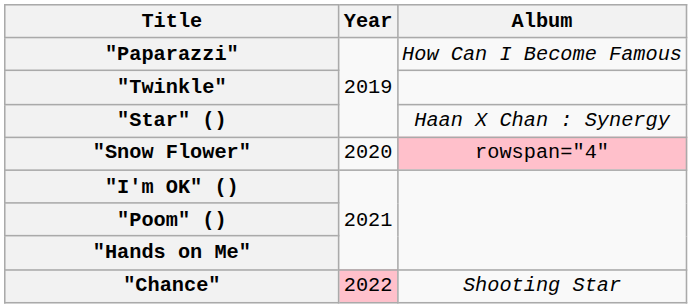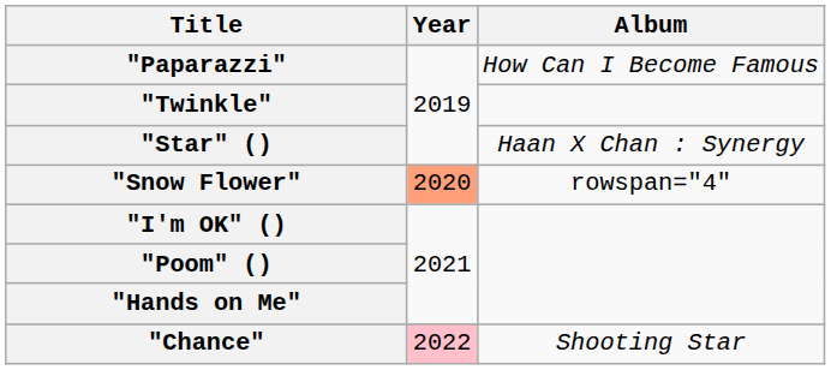 <table class="wikitable plainrowheaders" style="text-align:center;" border="1">
 <tr>
 <th scope="col" style="width:16em;">Title</th>
 <th scope="col">Year</th>
 <th scope="col">Album</th>
 </tr>
 <tr>
 <th scope="row">"Paparazzi"<br></th>
 <td rowspan="3">2019</td>
 <td><em>How Can I Become Famous</em></td>
 </tr>
 <tr>
 <th scope="row">"Twinkle"<br></th>
 <td></td>
 </tr>
 <tr>
 <th scope="row">"Star" ()<br></th>
 <td><em>Haan X Chan : Synergy</em></td>
 </tr>
 <tr>
 <th scope="row">"Snow Flower"<br></th>
-<td>2020</td>
-<td style="background: pink;">rowspan="4" </td>
+<td style="background: lightsalmon;">2020</td>
+<td>rowspan="4" </td>
 </tr>
 <tr>
 <th scope="row">"I'm OK" ()<br></th>
 <td rowspan="3">2021</td>
 </tr>
 <tr>
 <th scope="row">"Poom" ()<br></th>
 </tr>
 <tr>
 <th scope="row">"Hands on Me"<br></th>
 </tr>
 <tr>
 <th scope="row">"Chance"<br></th>
 <td style="background: pink;">2022</td>
 <td><em>Shooting Star</em></td>
 </tr>
 </table>
